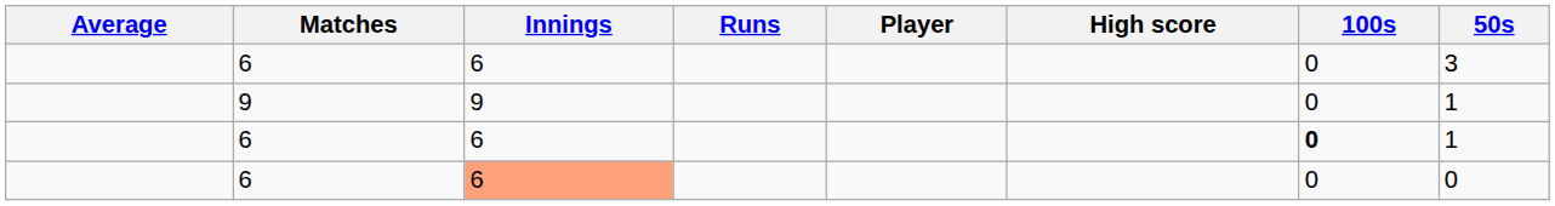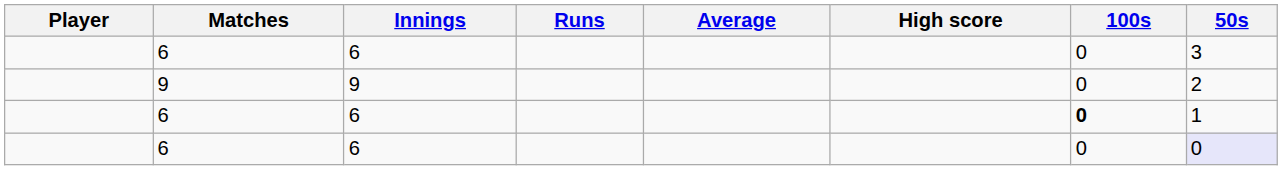 <table class="wikitable sortable" style="width:80%;">
 <tr>
-<th><a href='#'>Average</a></th>
+<th>Player</th>
 <th>Matches</th>
 <th><a href='#'>Innings</a></th>
 <th><a href='#'>Runs</a></th>
-<th>Player</th>
+<th><a href='#'>Average</a></th>
 <th>High score</th>
 <th><a href='#'>100s</a></th>
 <th><a href='#'>50s</a></th>
 </tr>
 <tr>
 <td></td>
 <td>6</td>
 <td>6</td>
 <td></td>
 <td></td>
 <td></td>
 <td>0</td>
 <td>3</td>
 </tr>
 <tr>
 <td></td>
 <td>9</td>
 <td>9</td>
 <td></td>
 <td></td>
 <td></td>
 <td>0</td>
-<td>1</td>
+<td>2</td>
 </tr>
 <tr>
 <td></td>
 <td>6</td>
 <td>6</td>
 <td></td>
 <td></td>
 <td></td>
 <td><strong>0</strong></td>
 <td>1</td>
 </tr>
 <tr>
 <td></td>
 <td>6</td>
-<td style="background: lightsalmon;">6</td>
+<td>6</td>
 <td></td>
 <td></td>
 <td></td>
 <td>0</td>
-<td>0</td>
+<td style="background: lavender;">0</td>
 </tr>
 </table>
